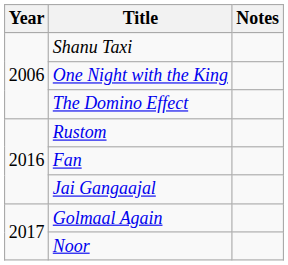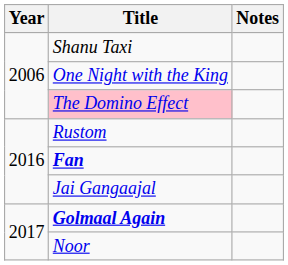 <table class="wikitable">
 <tr>
 <th>Year</th>
 <th>Title</th>
 <th>Notes</th>
 </tr>
 <tr>
 <td rowspan="3">2006</td>
 <td><em>Shanu Taxi</em></td>
 <td></td>
 </tr>
 <tr>
 <td><em><a href='#'>One Night with the King</a></em></td>
 <td></td>
 </tr>
 <tr>
-<td><em><a href='#'>The Domino Effect</a></em></td>
+<td style="background: pink;"><em><a href='#'>The Domino Effect</a></em></td>
 <td></td>
 </tr>
 <tr>
 <td rowspan="3">2016</td>
 <td><em><a href='#'>Rustom</a></em></td>
 <td></td>
 </tr>
 <tr>
-<td><em><a href='#'>Fan</a></em></td>
+<td><strong><em><a href='#'>Fan</a></em></strong></td>
 <td></td>
 </tr>
 <tr>
 <td><em><a href='#'>Jai Gangaajal</a></em></td>
 <td></td>
 </tr>
 <tr>
 <td rowspan="2">2017</td>
-<td><em><a href='#'>Golmaal Again</a></em></td>
+<td><strong><em><a href='#'>Golmaal Again</a></em></strong></td>
 <td></td>
 </tr>
 <tr>
 <td><em><a href='#'>Noor</a></em></td>
 <td></td>
 </tr>
 </table>
